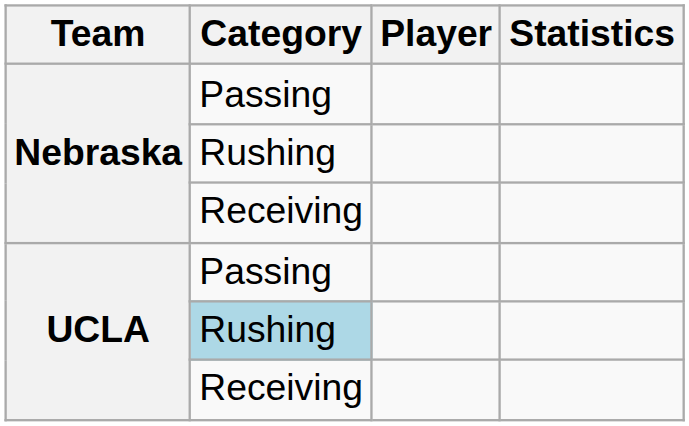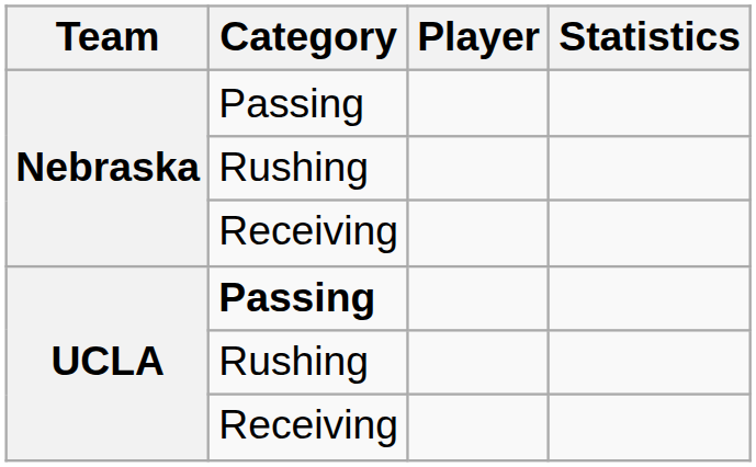 <table class="wikitable" style="float:right">
 <tr>
 <th>Team</th>
 <th>Category</th>
 <th>Player</th>
 <th>Statistics</th>
 </tr>
 <tr>
 <th rowspan=3>Nebraska</th>
 <td>Passing</td>
 <td></td>
 <td></td>
 </tr>
 <tr>
 <td>Rushing</td>
 <td></td>
 <td></td>
 </tr>
 <tr>
 <td>Receiving</td>
 <td></td>
 <td></td>
 </tr>
 <tr>
 <th rowspan=3>UCLA</th>
-<td>Passing</td>
+<td><strong>Passing</strong></td>
 <td></td>
 <td></td>
 </tr>
 <tr>
-<td style="background: lightblue;">Rushing</td>
+<td>Rushing</td>
 <td></td>
 <td></td>
 </tr>
 <tr>
 <td>Receiving</td>
 <td></td>
 <td></td>
 </tr>
 </table>
